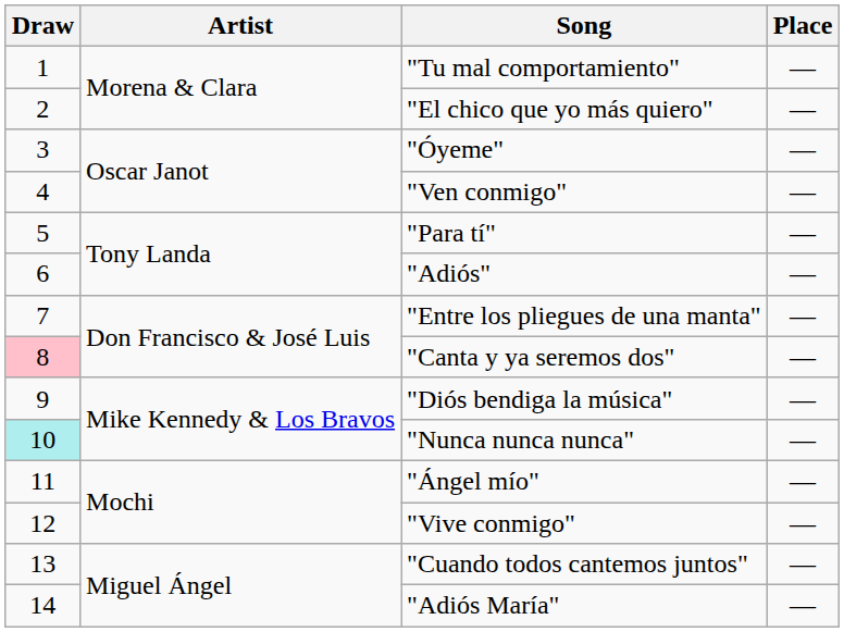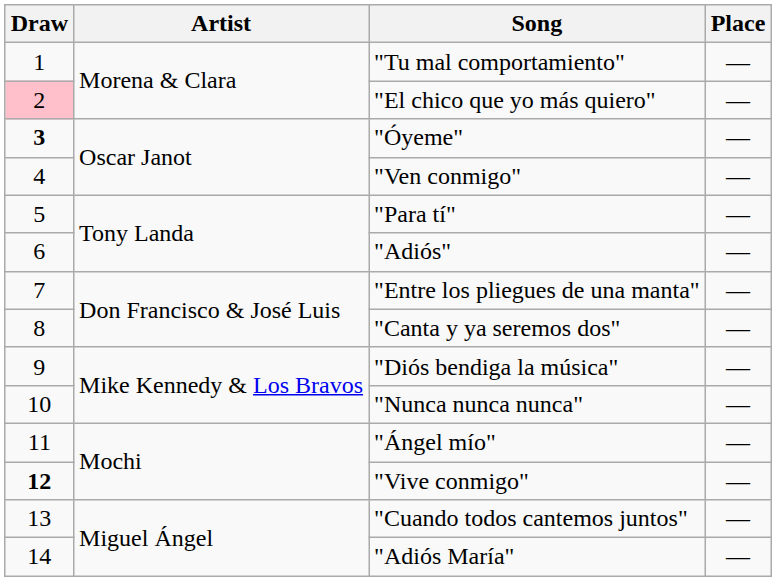 <table class="sortable wikitable" style="margin: 1em auto 1em auto; text-align:center">
 <tr>
 <th>Draw</th>
 <th>Artist</th>
 <th>Song</th>
 <th>Place</th>
 </tr>
 <tr>
 <td>1</td>
 <td rowspan="2" align="left">Morena & Clara</td>
 <td align="left">"Tu mal comportamiento"</td>
 <td>—</td>
 </tr>
 <tr>
-<td>2</td>
+<td style="background: pink;">2</td>
 <td align="left">"El chico que yo más quiero"</td>
 <td>—</td>
 </tr>
 <tr>
-<td>3</td>
+<td><strong>3</strong></td>
 <td rowspan="2" align="left">Oscar Janot</td>
 <td align="left">"Óyeme"</td>
 <td>—</td>
 </tr>
 <tr>
 <td>4</td>
 <td align="left">"Ven conmigo"</td>
 <td>—</td>
 </tr>
 <tr>
 <td>5</td>
 <td rowspan="2" align="left">Tony Landa</td>
 <td align="left">"Para tí"</td>
 <td>—</td>
 </tr>
 <tr>
 <td>6</td>
 <td align="left">"Adiós"</td>
 <td>—</td>
 </tr>
 <tr>
 <td>7</td>
 <td rowspan="2" align="left">Don Francisco & José Luis</td>
 <td align="left">"Entre los pliegues de una manta"</td>
 <td>—</td>
 </tr>
 <tr>
-<td style="background: pink;">8</td>
+<td>8</td>
 <td align="left">"Canta y ya seremos dos"</td>
 <td>—</td>
 </tr>
 <tr>
 <td>9</td>
 <td rowspan="2" align="left">Mike Kennedy & <a href='#'>Los Bravos</a></td>
 <td align="left">"Diós bendiga la música"</td>
 <td>—</td>
 </tr>
 <tr>
-<td style="background: paleturquoise;">10</td>
+<td>10</td>
 <td align="left">"Nunca nunca nunca"</td>
 <td>—</td>
 </tr>
 <tr>
 <td>11</td>
 <td rowspan="2" align="left">Mochi</td>
 <td align="left">"Ángel mío"</td>
 <td>—</td>
 </tr>
 <tr>
-<td>12</td>
+<td><strong>12</strong></td>
 <td align="left">"Vive conmigo"</td>
 <td>—</td>
 </tr>
 <tr>
 <td>13</td>
 <td rowspan="2" align="left">Miguel Ángel</td>
 <td align="left">"Cuando todos cantemos juntos"</td>
 <td>—</td>
 </tr>
 <tr>
 <td>14</td>
 <td align="left">"Adiós María"</td>
 <td>—</td>
 </tr>
 </table>
